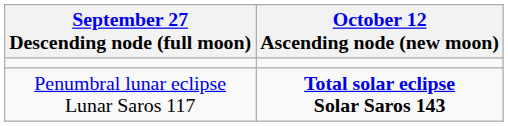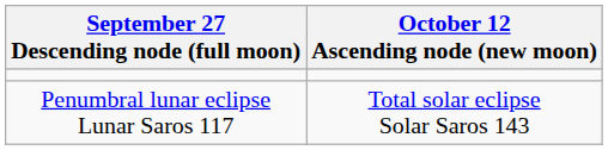 <table class="wikitable">
 <tr>
 <th><a href='#'>September 27</a><br>Descending node (full moon)<br></th>
 <th><a href='#'>October 12</a><br>Ascending node (new moon)<br></th>
 </tr>
 <tr>
 <td></td>
 <td></td>
 </tr>
 <tr align=center>
 <td><a href='#'>Penumbral lunar eclipse</a><br>Lunar Saros 117</td>
-<td><strong><a href='#'>Total solar eclipse</a><br>Solar Saros 143</strong></td>
+<td><a href='#'>Total solar eclipse</a><br>Solar Saros 143</td>
 </tr>
 </table>
